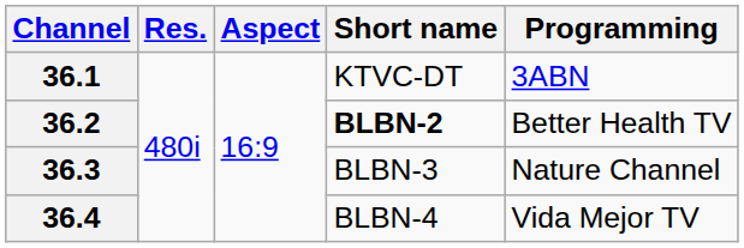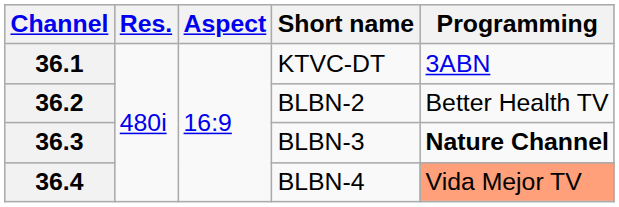 <table class="wikitable">
 <tr>
 <th scope = "col"><a href='#'>Channel</a></th>
 <th scope = "col"><a href='#'>Res.</a></th>
 <th scope = "col"><a href='#'>Aspect</a></th>
 <th scope = "col">Short name</th>
 <th scope = "col">Programming</th>
 </tr>
 <tr>
 <th scope = "row">36.1</th>
 <td rowspan=4><a href='#'>480i</a></td>
 <td rowspan=4><a href='#'>16:9</a></td>
 <td>KTVC-DT</td>
 <td><a href='#'>3ABN</a></td>
 </tr>
 <tr>
 <th scope = "row">36.2</th>
-<td><strong>BLBN-2</strong></td>
+<td>BLBN-2</td>
 <td>Better Health TV</td>
 </tr>
 <tr>
 <th scope = "row">36.3</th>
 <td>BLBN-3</td>
-<td>Nature Channel</td>
+<td><strong>Nature Channel</strong></td>
 </tr>
 <tr>
 <th scope = "row">36.4</th>
 <td>BLBN-4</td>
-<td>Vida Mejor TV</td>
+<td style="background: lightsalmon;">Vida Mejor TV</td>
 </tr>
 </table>
